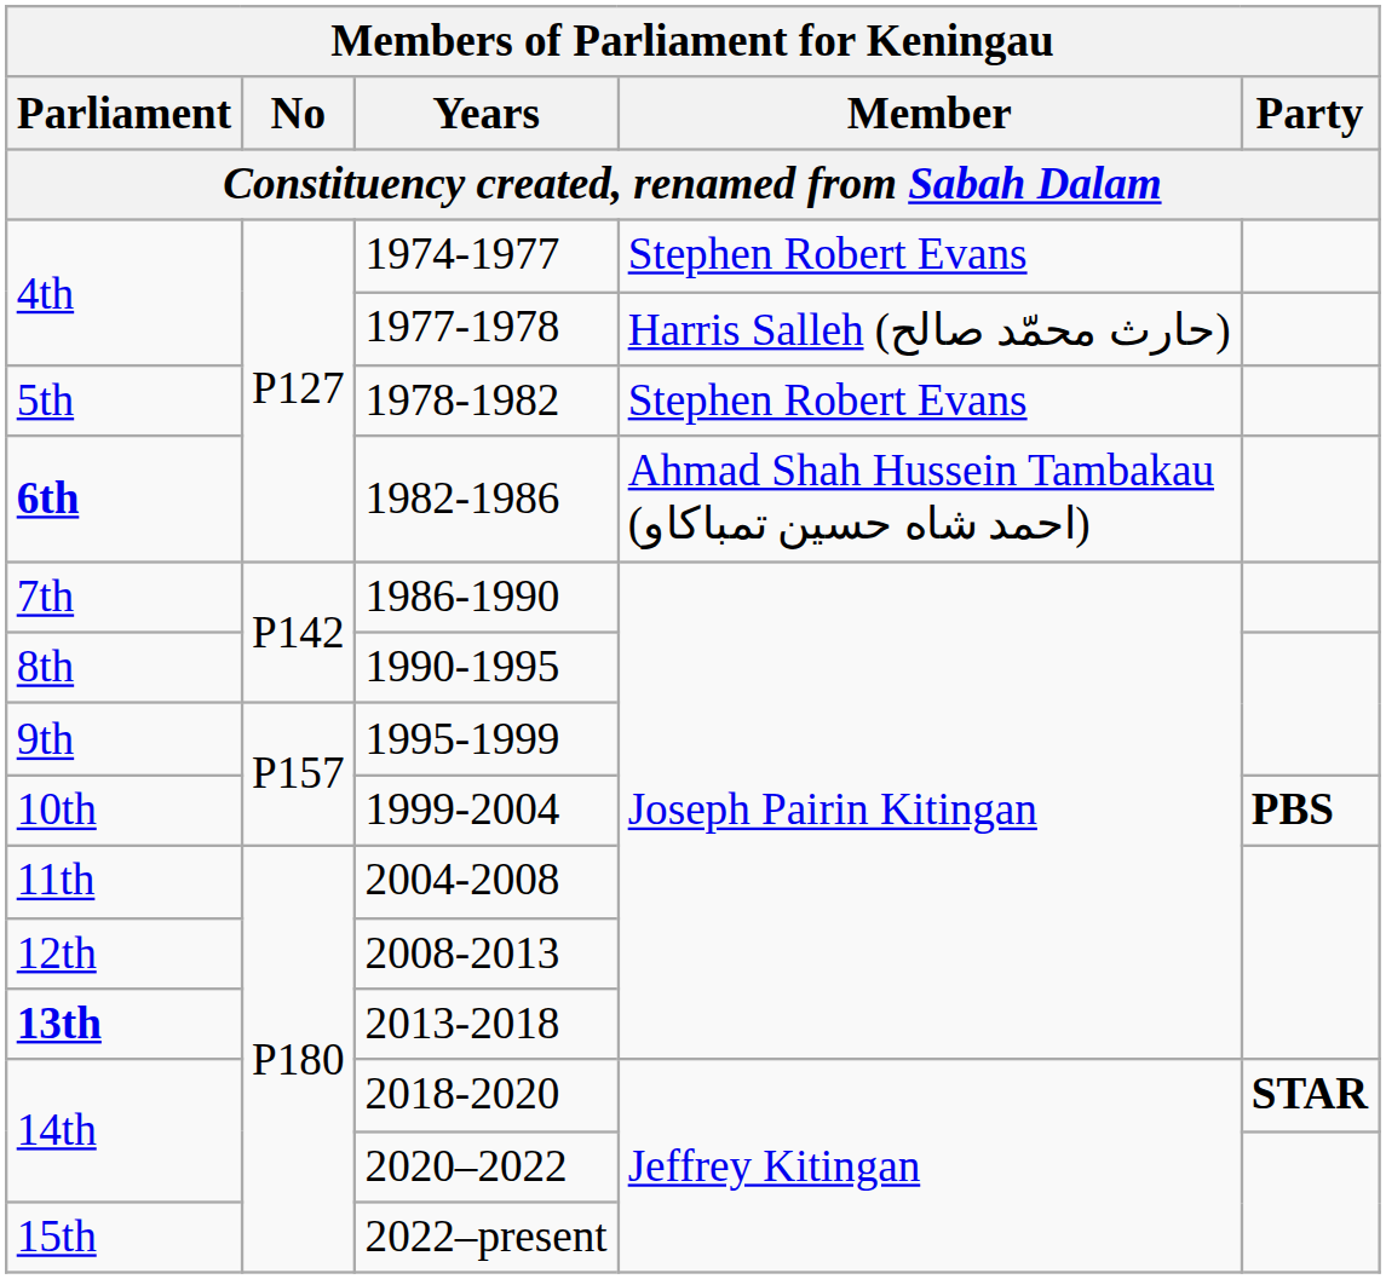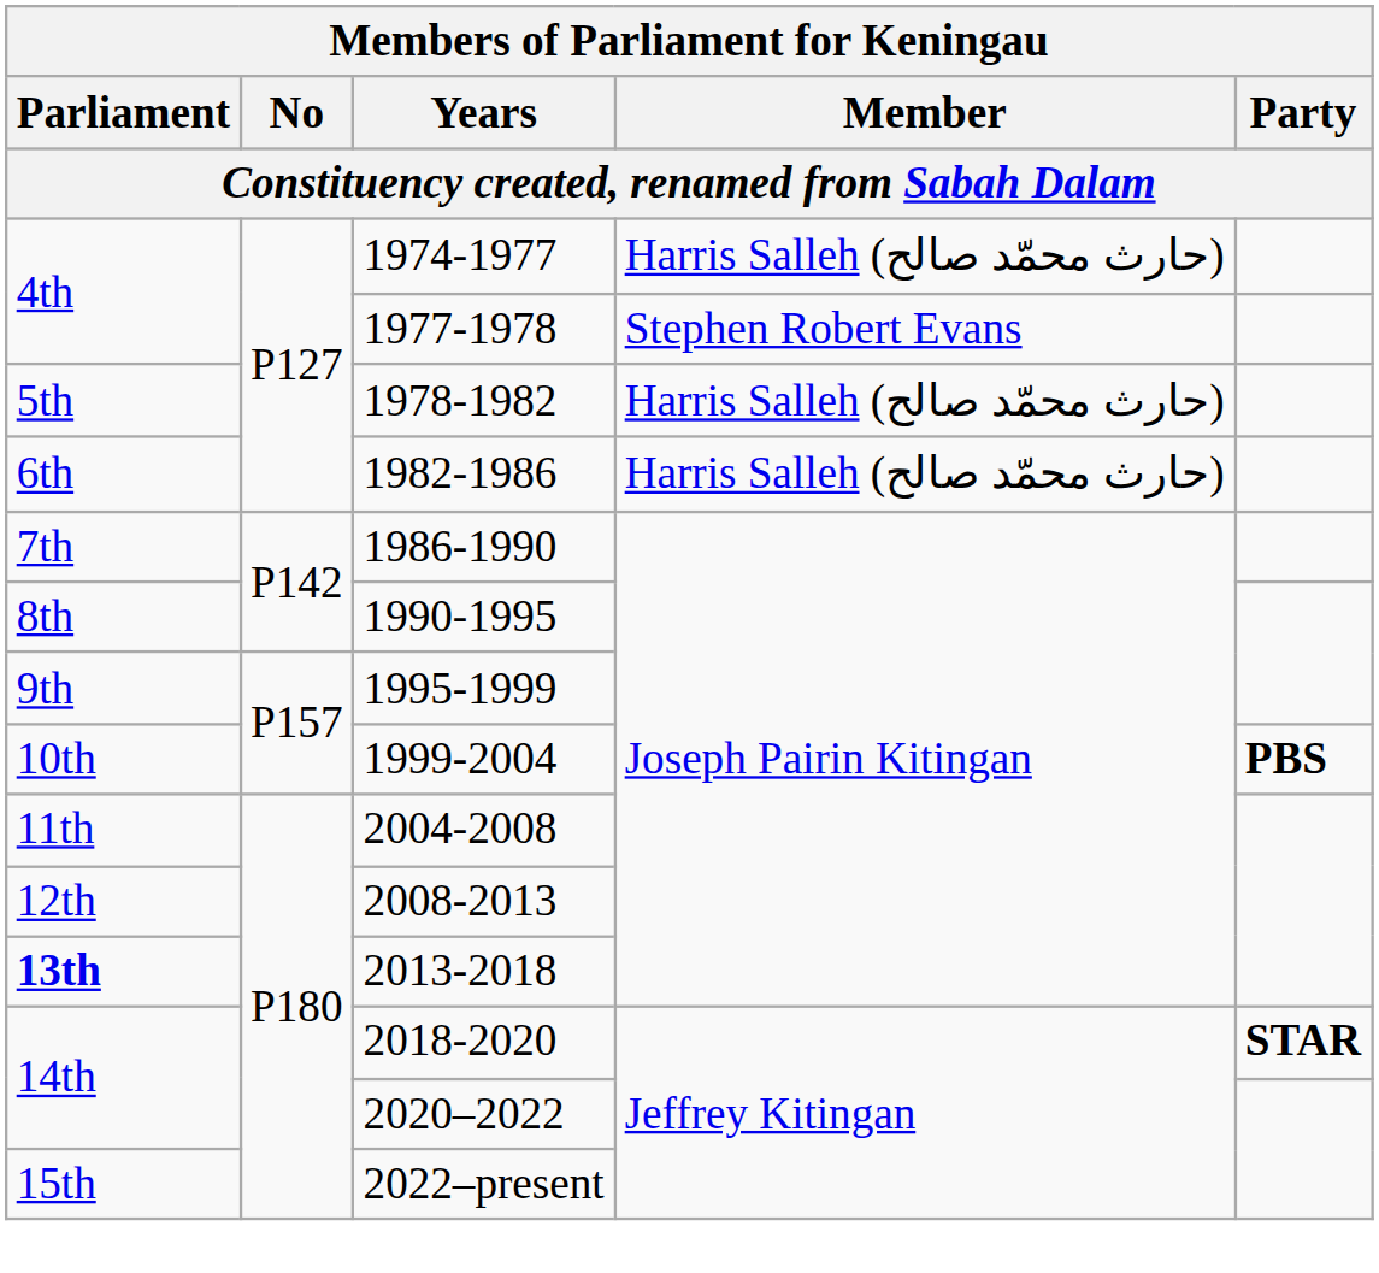 <table class=wikitable>
 <tr>
 <th colspan="5">Members of Parliament for Keningau</th>
 </tr>
 <tr>
 <th>Parliament</th>
 <th>No</th>
 <th>Years</th>
 <th>Member</th>
 <th>Party</th>
 </tr>
 <tr>
 <th colspan="5" align="center"><em>Constituency created, renamed from <a href='#'>Sabah Dalam</a></em></th>
 </tr>
 <tr>
 <td rowspan=2><a href='#'>4th</a></td>
 <td rowspan="4">P127</td>
 <td>1974-1977</td>
-<td><a href='#'>Stephen Robert Evans</a></td>
+<td><a href='#'>Harris Salleh</a> (حارث محمّد صالح)</td>
 <td></td>
 </tr>
 <tr>
 <td>1977-1978</td>
-<td><a href='#'>Harris Salleh</a> (حارث محمّد صالح)</td>
+<td><a href='#'>Stephen Robert Evans</a></td>
 <td></td>
 </tr>
 <tr>
 <td><a href='#'>5th</a></td>
 <td>1978-1982</td>
-<td><a href='#'>Stephen Robert Evans</a></td>
+<td><a href='#'>Harris Salleh</a> (حارث محمّد صالح)</td>
 <td></td>
 </tr>
 <tr>
-<td><strong><a href='#'>6th</a></strong></td>
+<td><a href='#'>6th</a></td>
 <td>1982-1986</td>
-<td><a href='#'>Ahmad Shah Hussein Tambakau</a>  <br> (احمد شاه حسين تمباكاو)</td>
+<td><a href='#'>Harris Salleh</a> (حارث محمّد صالح)</td>
 <td></td>
 </tr>
 <tr>
 <td><a href='#'>7th</a></td>
 <td rowspan="2">P142</td>
 <td>1986-1990</td>
 <td rowspan=7><a href='#'>Joseph Pairin Kitingan</a></td>
 <td></td>
 </tr>
 <tr>
 <td><a href='#'>8th</a></td>
 <td>1990-1995</td>
 <td rowspan=2 bgcolor=></td>
 </tr>
 <tr>
 <td><a href='#'>9th</a></td>
 <td rowspan="2">P157</td>
 <td>1995-1999</td>
 </tr>
 <tr>
 <td><a href='#'>10th</a></td>
 <td>1999-2004</td>
 <td><strong>PBS</strong></td>
 </tr>
 <tr>
 <td><a href='#'>11th</a></td>
 <td rowspan="6">P180</td>
 <td>2004-2008</td>
 <td rowspan=3></td>
 </tr>
 <tr>
 <td><a href='#'>12th</a></td>
 <td>2008-2013</td>
 </tr>
 <tr>
 <td><strong><a href='#'>13th</a></strong></td>
 <td>2013-2018</td>
 </tr>
 <tr>
 <td rowspan="2"><a href='#'>14th</a></td>
 <td>2018-2020</td>
 <td rowspan="3"><a href='#'>Jeffrey Kitingan</a></td>
 <td><strong>STAR</strong></td>
 </tr>
 <tr>
 <td>2020–2022</td>
 <td rowspan=2></td>
 </tr>
 <tr>
 <td><a href='#'>15th</a></td>
 <td>2022–present</td>
 </tr>
 </table>
